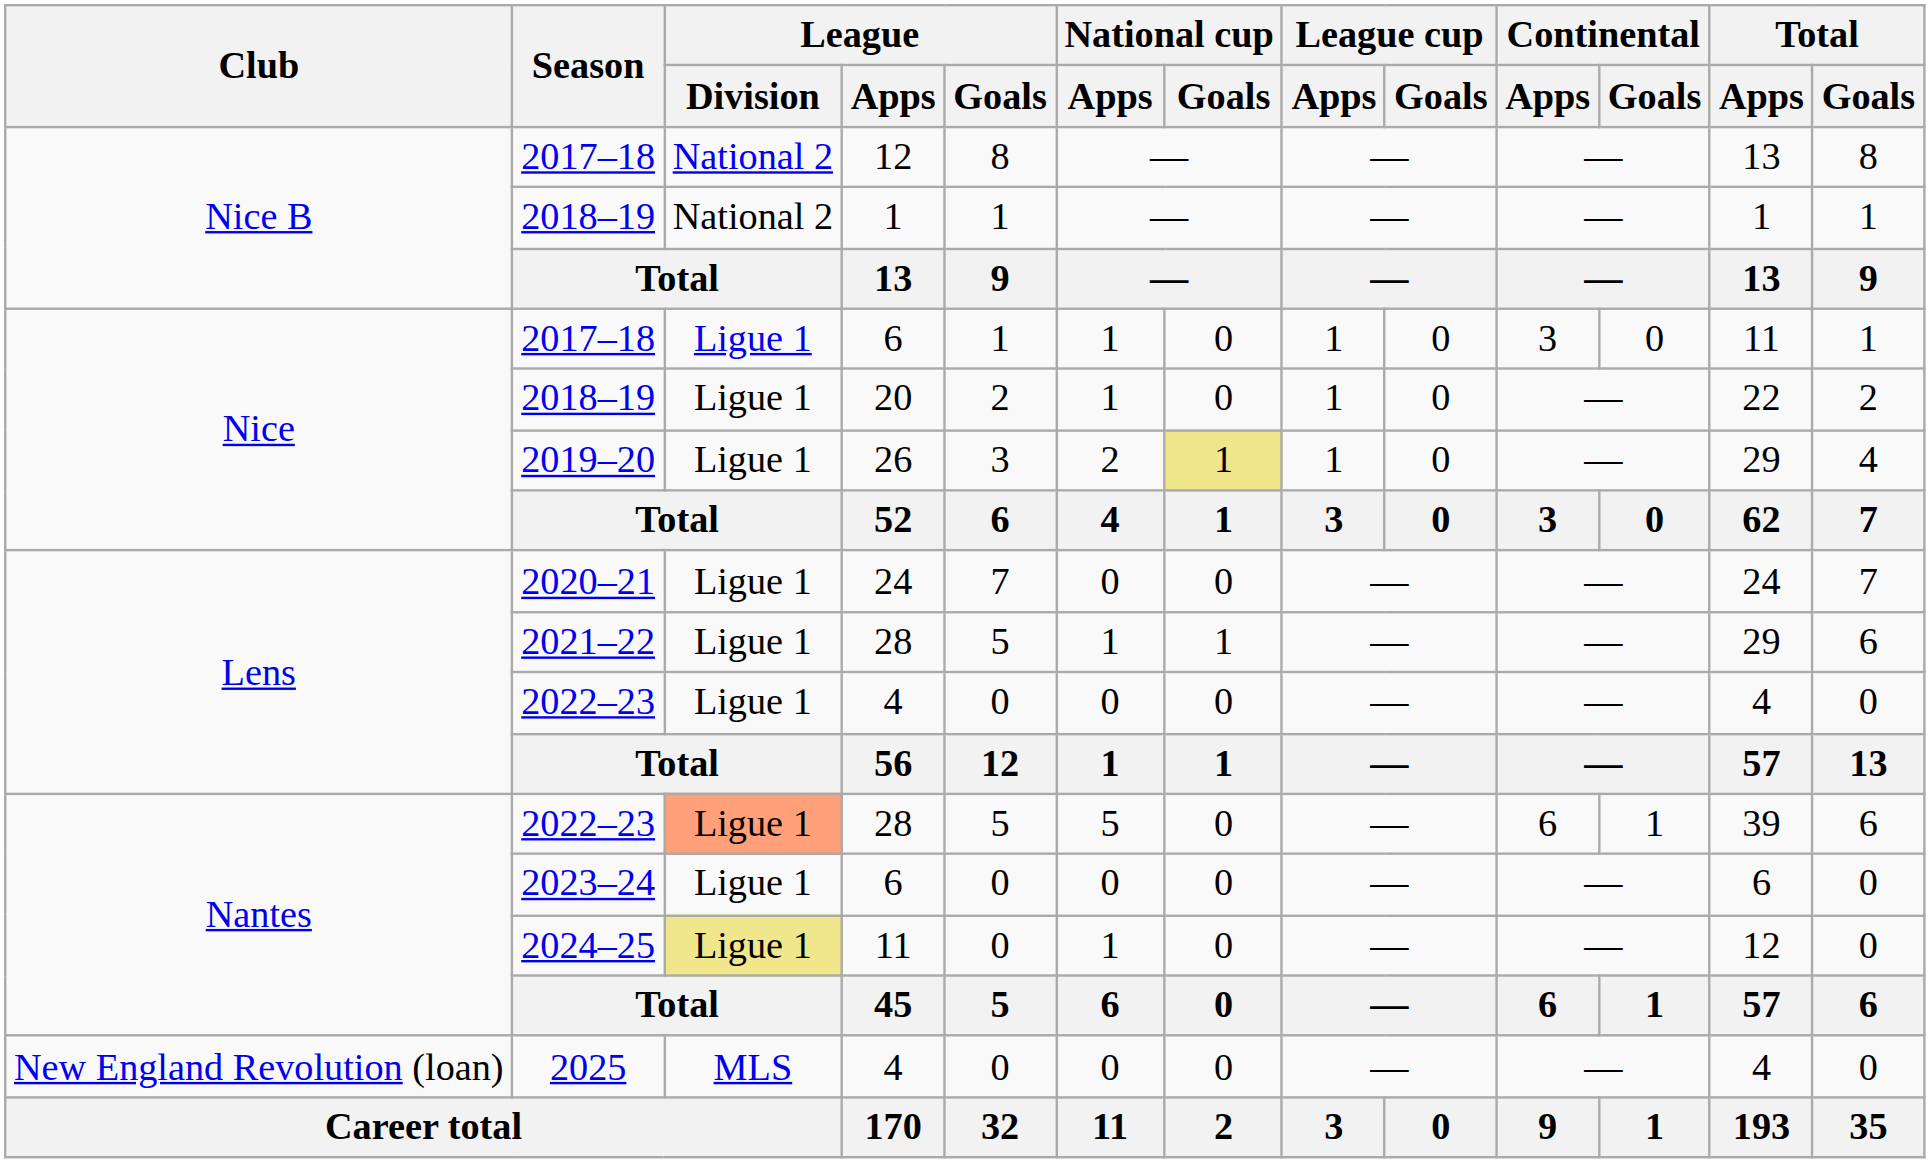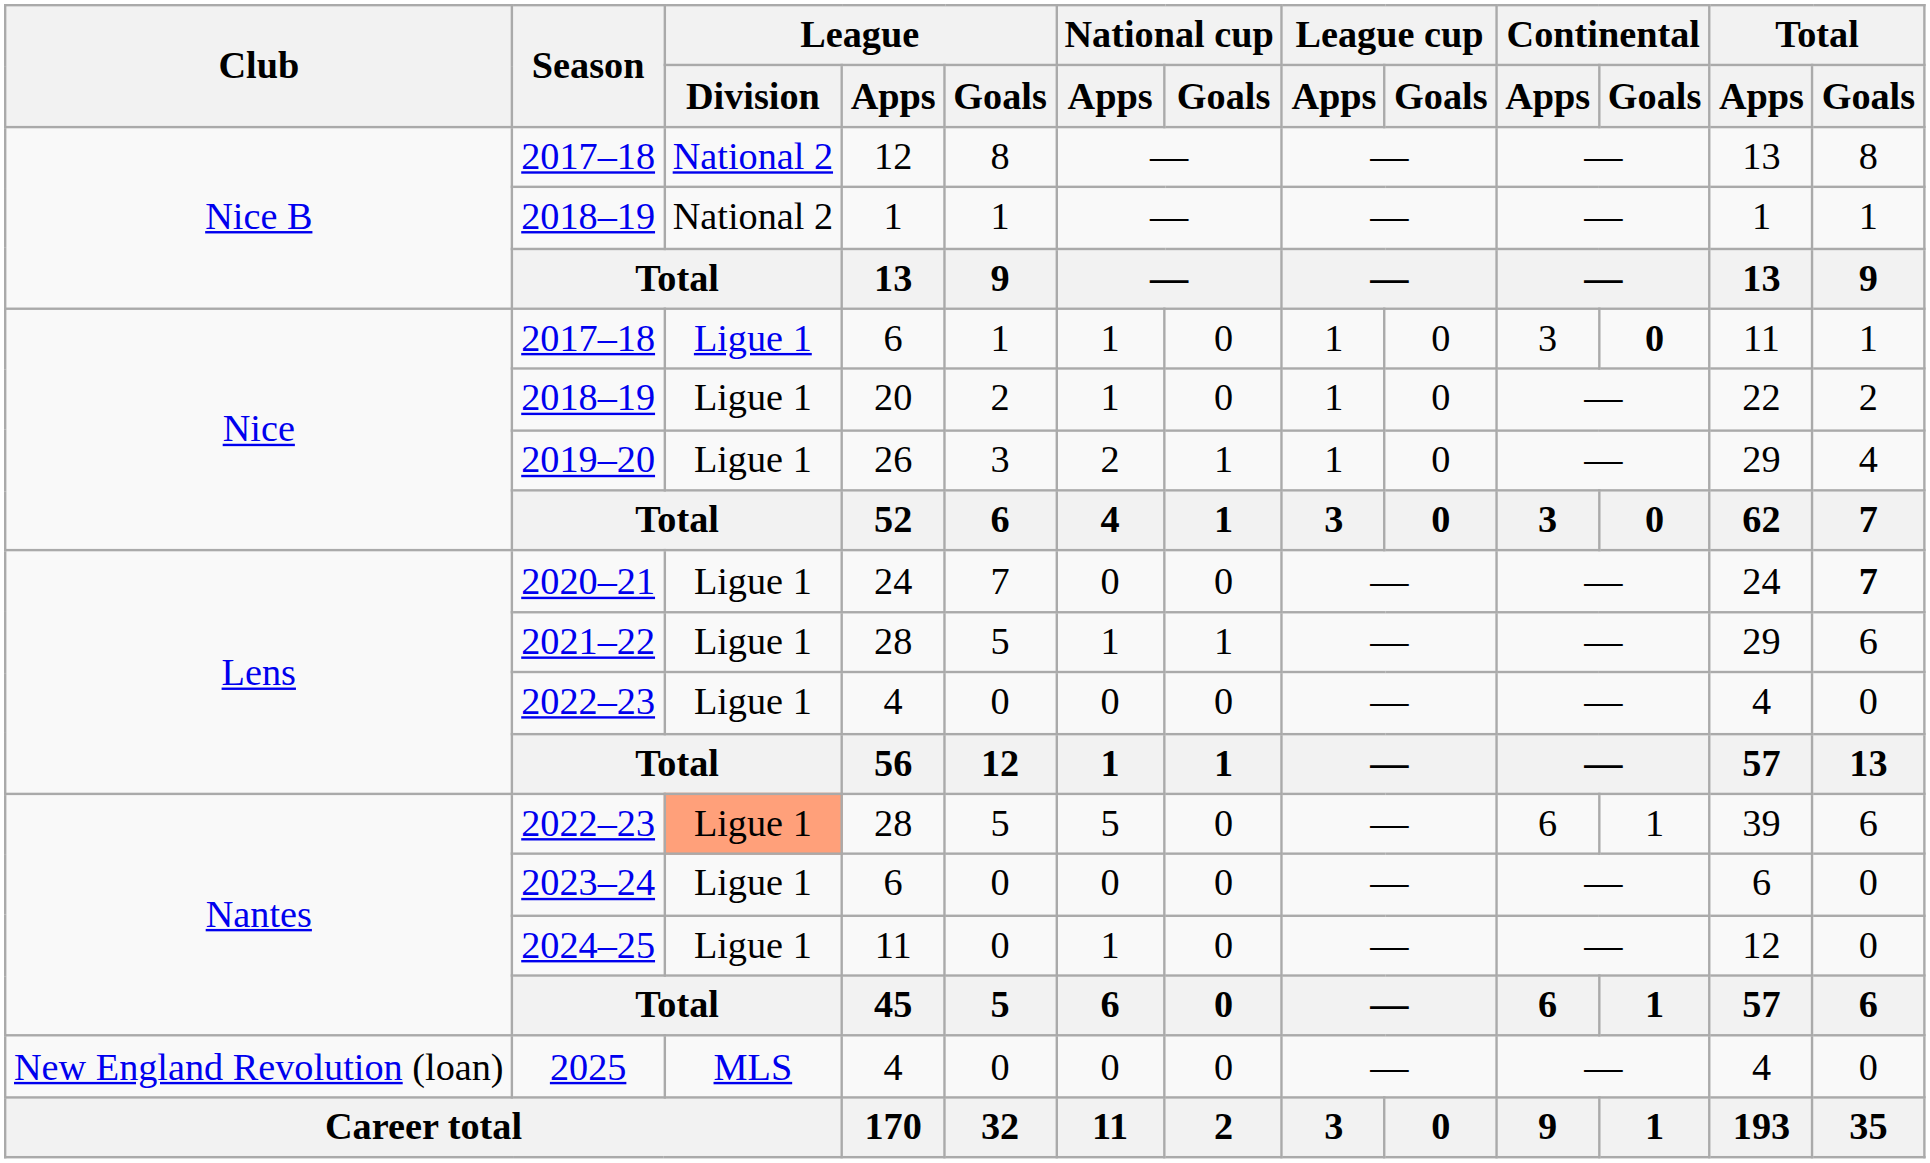 <table class="wikitable" style="text-align: center">
 <tr>
 <th rowspan="2">Club</th>
 <th rowspan="2">Season</th>
 <th colspan="3">League</th>
 <th colspan="2">National cup</th>
 <th colspan="2">League cup</th>
 <th colspan="2">Continental</th>
 <th colspan="2">Total</th>
 </tr>
 <tr>
 <th>Division</th>
 <th>Apps</th>
 <th>Goals</th>
 <th>Apps</th>
 <th>Goals</th>
 <th>Apps</th>
 <th>Goals</th>
 <th>Apps</th>
 <th>Goals</th>
 <th>Apps</th>
 <th>Goals</th>
 </tr>
 <tr>
 <td rowspan="3"><a href='#'>Nice B</a></td>
 <td><a href='#'>2017–18</a></td>
 <td><a href='#'>National 2</a></td>
 <td>12</td>
 <td>8</td>
 <td colspan="2">—</td>
 <td colspan="2">—</td>
 <td colspan="2">—</td>
 <td>13</td>
 <td>8</td>
 </tr>
 <tr>
 <td><a href='#'>2018–19</a></td>
 <td>National 2</td>
 <td>1</td>
 <td>1</td>
 <td colspan="2">—</td>
 <td colspan="2">—</td>
 <td colspan="2">—</td>
 <td>1</td>
 <td>1</td>
 </tr>
 <tr>
 <th colspan="2">Total</th>
 <th>13</th>
 <th>9</th>
 <th colspan="2">—</th>
 <th colspan="2">—</th>
 <th colspan="2">—</th>
 <th>13</th>
 <th>9</th>
 </tr>
 <tr>
 <td rowspan="4"><a href='#'>Nice</a></td>
 <td><a href='#'>2017–18</a></td>
 <td><a href='#'>Ligue 1</a></td>
 <td>6</td>
 <td>1</td>
 <td>1</td>
 <td>0</td>
 <td>1</td>
 <td>0</td>
 <td>3</td>
-<td>0</td>
+<td><strong>0</strong></td>
 <td>11</td>
 <td>1</td>
 </tr>
 <tr>
 <td><a href='#'>2018–19</a></td>
 <td>Ligue 1</td>
 <td>20</td>
 <td>2</td>
 <td>1</td>
 <td>0</td>
 <td>1</td>
 <td>0</td>
 <td colspan="2">—</td>
 <td>22</td>
 <td>2</td>
 </tr>
 <tr>
 <td><a href='#'>2019–20</a></td>
 <td>Ligue 1</td>
 <td>26</td>
 <td>3</td>
 <td>2</td>
-<td style="background: khaki;">1</td>
+<td>1</td>
 <td>1</td>
 <td>0</td>
 <td colspan="2">—</td>
 <td>29</td>
 <td>4</td>
 </tr>
 <tr>
 <th colspan="2">Total</th>
 <th>52</th>
 <th>6</th>
 <th>4</th>
 <th>1</th>
 <th>3</th>
 <th>0</th>
 <th>3</th>
 <th>0</th>
 <th>62</th>
 <th>7</th>
 </tr>
 <tr>
 <td rowspan="4"><a href='#'>Lens</a></td>
 <td><a href='#'>2020–21</a></td>
 <td>Ligue 1</td>
 <td>24</td>
 <td>7</td>
 <td>0</td>
 <td>0</td>
 <td colspan="2">—</td>
 <td colspan="2">—</td>
 <td>24</td>
-<td>7</td>
+<td><strong>7</strong></td>
 </tr>
 <tr>
 <td><a href='#'>2021–22</a></td>
 <td>Ligue 1</td>
 <td>28</td>
 <td>5</td>
 <td>1</td>
 <td>1</td>
 <td colspan="2">—</td>
 <td colspan="2">—</td>
 <td>29</td>
 <td>6</td>
 </tr>
 <tr>
 <td><a href='#'>2022–23</a></td>
 <td>Ligue 1</td>
 <td>4</td>
 <td>0</td>
 <td>0</td>
 <td>0</td>
 <td colspan="2">—</td>
 <td colspan="2">—</td>
 <td>4</td>
 <td>0</td>
 </tr>
 <tr>
 <th colspan="2">Total</th>
 <th>56</th>
 <th>12</th>
 <th>1</th>
 <th>1</th>
 <th colspan="2">—</th>
 <th colspan="2">—</th>
 <th>57</th>
 <th>13</th>
 </tr>
 <tr>
 <td rowspan="4"><a href='#'>Nantes</a></td>
 <td><a href='#'>2022–23</a></td>
 <td style="background: lightsalmon;">Ligue 1</td>
 <td>28</td>
 <td>5</td>
 <td>5</td>
 <td>0</td>
 <td colspan="2">—</td>
 <td>6</td>
 <td>1</td>
 <td>39</td>
 <td>6</td>
 </tr>
 <tr>
 <td><a href='#'>2023–24</a></td>
 <td>Ligue 1</td>
 <td>6</td>
 <td>0</td>
 <td>0</td>
 <td>0</td>
 <td colspan="2">—</td>
 <td colspan="2">—</td>
 <td>6</td>
 <td>0</td>
 </tr>
 <tr>
 <td><a href='#'>2024–25</a></td>
-<td style="background: khaki;">Ligue 1</td>
+<td>Ligue 1</td>
 <td>11</td>
 <td>0</td>
 <td>1</td>
 <td>0</td>
 <td colspan="2">—</td>
 <td colspan="2">—</td>
 <td>12</td>
 <td>0</td>
 </tr>
 <tr>
 <th colspan="2">Total</th>
 <th>45</th>
 <th>5</th>
 <th>6</th>
 <th>0</th>
 <th colspan="2">—</th>
 <th>6</th>
 <th>1</th>
 <th>57</th>
 <th>6</th>
 </tr>
 <tr>
 <td><a href='#'>New England Revolution</a> (loan)</td>
 <td><a href='#'>2025</a></td>
 <td><a href='#'>MLS</a></td>
 <td>4</td>
 <td>0</td>
 <td>0</td>
 <td>0</td>
 <td colspan="2">—</td>
 <td colspan="2">—</td>
 <td>4</td>
 <td>0</td>
 </tr>
 <tr>
 <th colspan="3">Career total</th>
 <th>170</th>
 <th>32</th>
 <th>11</th>
 <th>2</th>
 <th>3</th>
 <th>0</th>
 <th>9</th>
 <th>1</th>
 <th>193</th>
 <th>35</th>
 </tr>
 </table>
